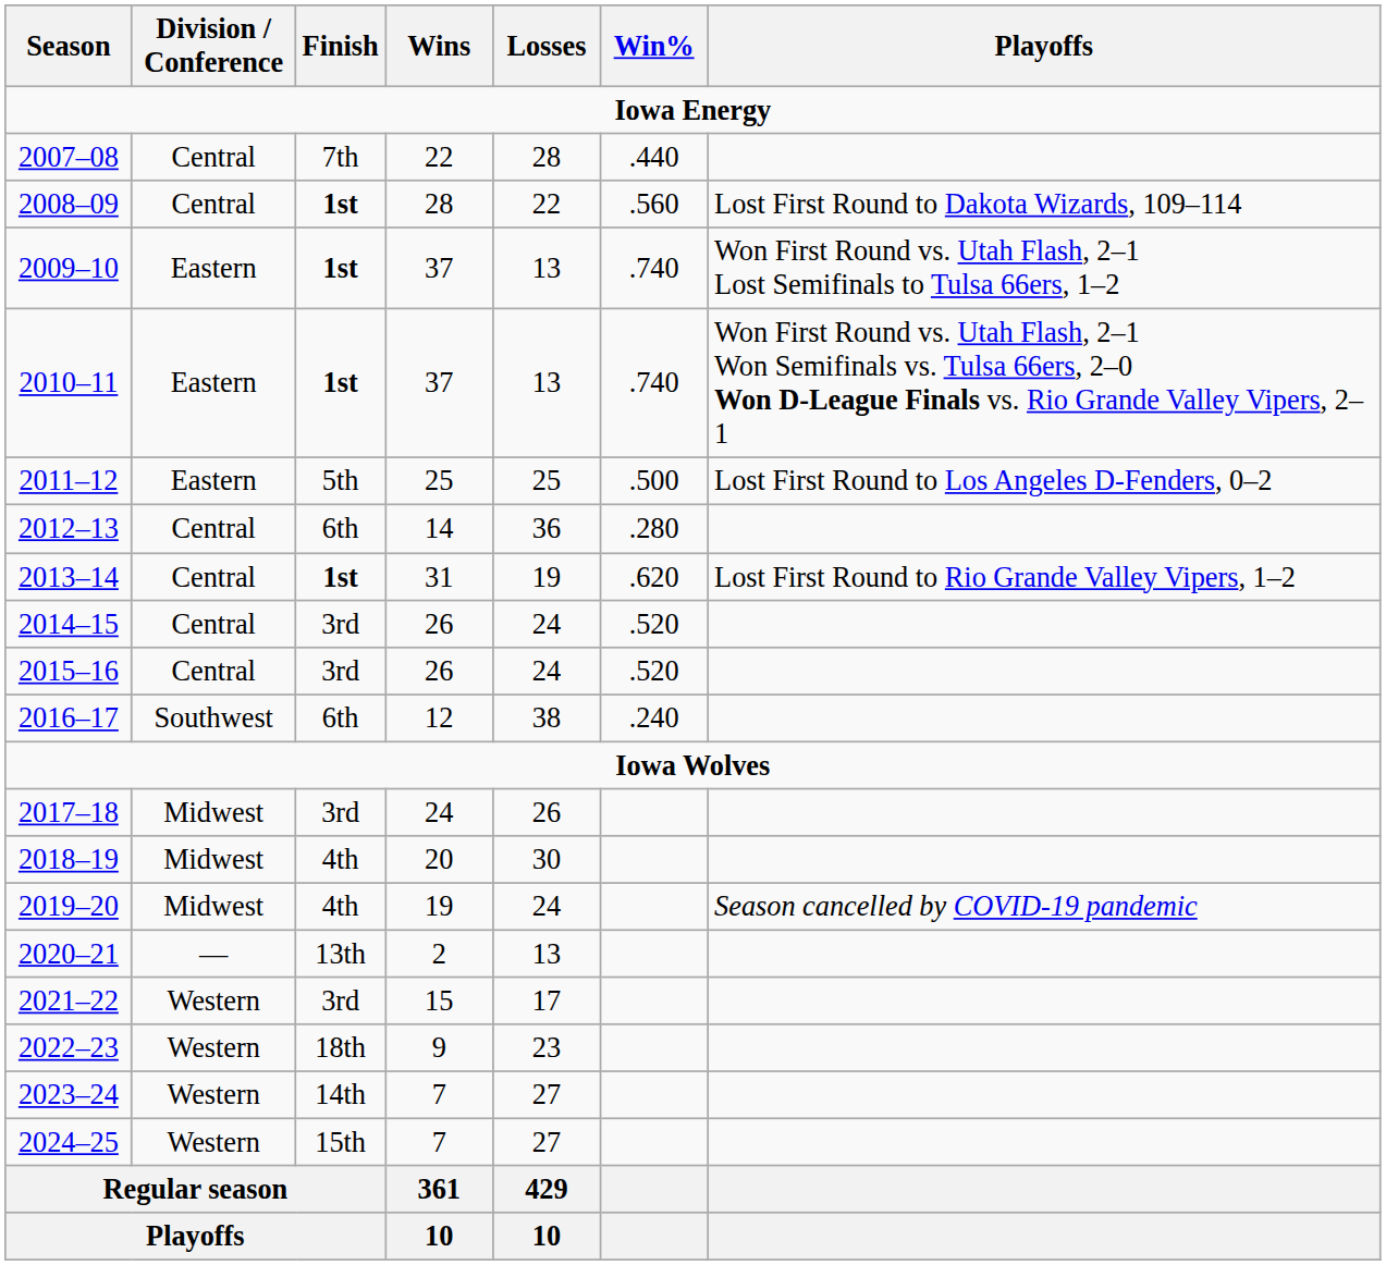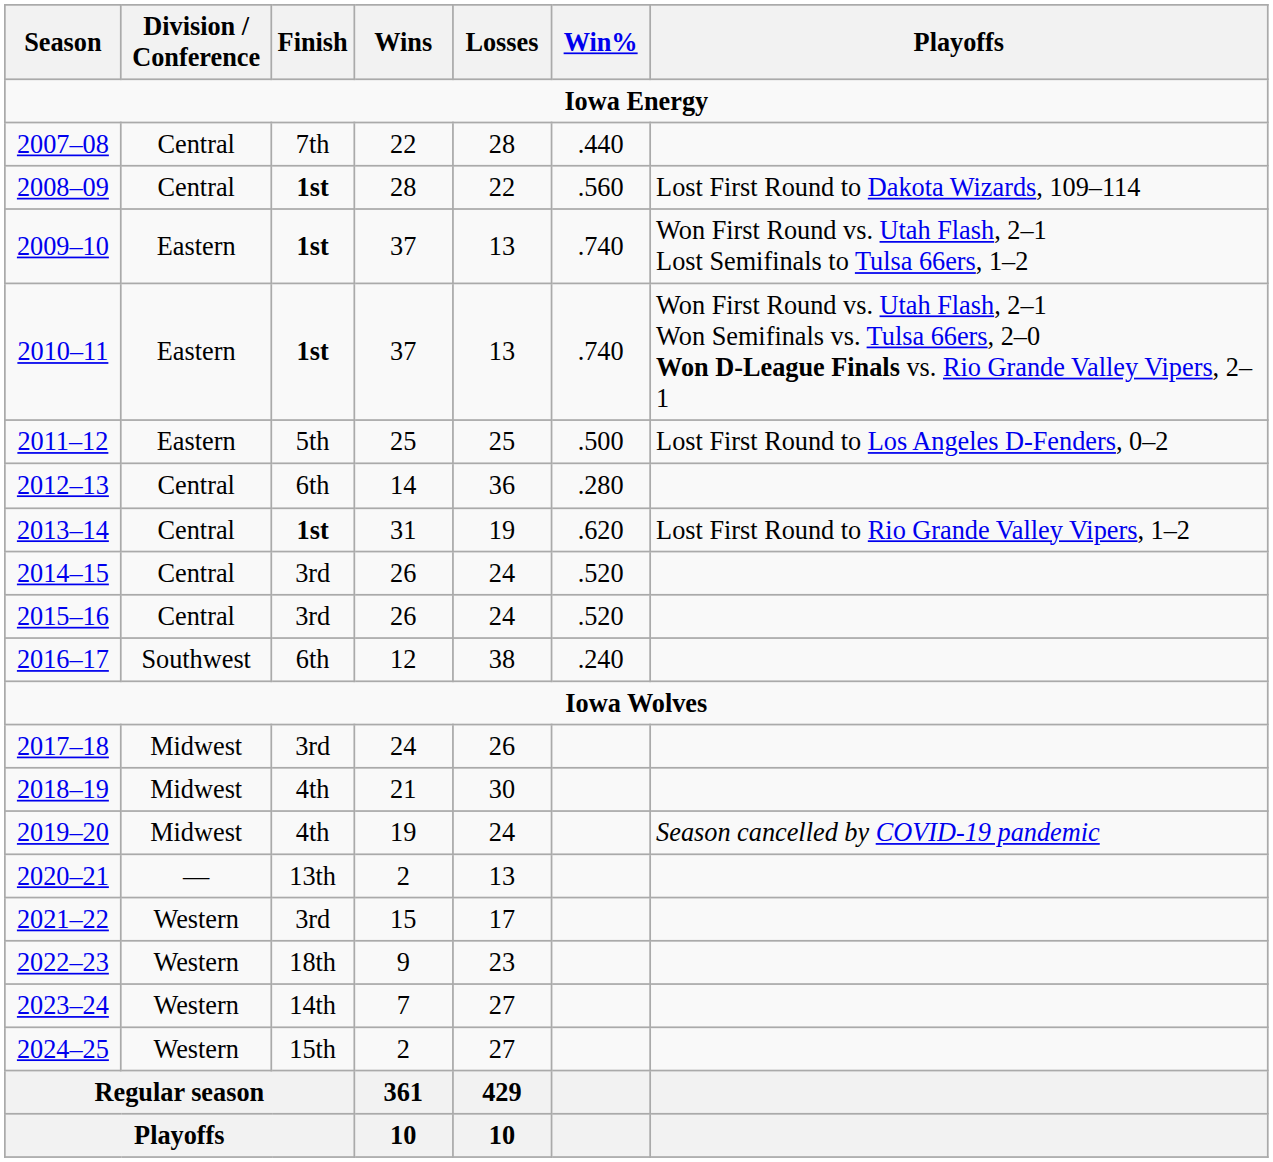 <table class="wikitable" style="font-size:95%; text-align:center">
 <tr>
 <th scope="col" style="width:60px">Season</th>
 <th scope="col" style="width:80px">Division / Conference</th>
 <th scope="col" style="width:40px">Finish</th>
 <th scope="col" style="width:50px">Wins</th>
 <th scope="col" style="width:50px">Losses</th>
 <th scope="col" style="width:50px"><a href='#'>Win%</a></th>
 <th scope="col" style="width:350px">Playoffs</th>
 </tr>
 <tr>
 <td colspan="10" align="center"><strong>Iowa Energy</strong></td>
 </tr>
 <tr>
 <td><a href='#'>2007–08</a></td>
 <td>Central</td>
 <td>7th</td>
 <td>22</td>
 <td>28</td>
 <td>.440</td>
 <td></td>
 </tr>
 <tr>
 <td><a href='#'>2008–09</a></td>
 <td>Central</td>
 <td><strong>1st</strong></td>
 <td>28</td>
 <td>22</td>
 <td>.560</td>
 <td align=left>Lost First Round to <a href='#'>Dakota Wizards</a>, 109–114</td>
 </tr>
 <tr>
 <td><a href='#'>2009–10</a></td>
 <td>Eastern</td>
 <td><strong>1st</strong></td>
 <td>37</td>
 <td>13</td>
 <td>.740</td>
 <td align=left>Won First Round vs. <a href='#'>Utah Flash</a>, 2–1<br>Lost Semifinals to <a href='#'>Tulsa 66ers</a>, 1–2</td>
 </tr>
 <tr>
 <td><a href='#'>2010–11</a></td>
 <td>Eastern</td>
 <td><strong>1st</strong></td>
 <td>37</td>
 <td>13</td>
 <td>.740</td>
 <td align=left>Won First Round vs. <a href='#'>Utah Flash</a>, 2–1<br>Won Semifinals vs. <a href='#'>Tulsa 66ers</a>, 2–0<br><strong>Won D-League Finals</strong> vs. <a href='#'>Rio Grande Valley Vipers</a>, 2–1</td>
 </tr>
 <tr>
 <td><a href='#'>2011–12</a></td>
 <td>Eastern</td>
 <td>5th</td>
 <td>25</td>
 <td>25</td>
 <td>.500</td>
 <td align=left>Lost First Round to <a href='#'>Los Angeles D-Fenders</a>, 0–2</td>
 </tr>
 <tr>
 <td><a href='#'>2012–13</a></td>
 <td>Central</td>
 <td>6th</td>
 <td>14</td>
 <td>36</td>
 <td>.280</td>
 <td></td>
 </tr>
 <tr>
 <td><a href='#'>2013–14</a></td>
 <td>Central</td>
 <td><strong>1st</strong></td>
 <td>31</td>
 <td>19</td>
 <td>.620</td>
 <td align=left>Lost First Round to <a href='#'>Rio Grande Valley Vipers</a>, 1–2</td>
 </tr>
 <tr>
 <td><a href='#'>2014–15</a></td>
 <td>Central</td>
 <td>3rd</td>
 <td>26</td>
 <td>24</td>
 <td>.520</td>
 <td></td>
 </tr>
 <tr>
 <td><a href='#'>2015–16</a></td>
 <td>Central</td>
 <td>3rd</td>
 <td>26</td>
 <td>24</td>
 <td>.520</td>
 <td></td>
 </tr>
 <tr>
 <td><a href='#'>2016–17</a></td>
 <td>Southwest</td>
 <td>6th</td>
 <td>12</td>
 <td>38</td>
 <td>.240</td>
 <td></td>
 </tr>
 <tr>
 <td colspan="10"><strong>Iowa Wolves</strong></td>
 </tr>
 <tr>
 <td><a href='#'>2017–18</a></td>
 <td>Midwest</td>
 <td>3rd</td>
 <td>24</td>
 <td>26</td>
 <td></td>
 <td align=left></td>
 </tr>
 <tr>
 <td><a href='#'>2018–19</a></td>
 <td>Midwest</td>
 <td>4th</td>
-<td>20</td>
+<td>21</td>
 <td>30</td>
 <td></td>
 <td align=left></td>
 </tr>
 <tr>
 <td><a href='#'>2019–20</a></td>
 <td>Midwest</td>
 <td>4th</td>
 <td>19</td>
 <td>24</td>
 <td></td>
 <td align=left><em>Season cancelled by <a href='#'>COVID-19 pandemic</a></em></td>
 </tr>
 <tr>
 <td><a href='#'>2020–21</a></td>
 <td>—</td>
 <td>13th</td>
 <td>2</td>
 <td>13</td>
 <td></td>
 <td align=left></td>
 </tr>
 <tr>
 <td><a href='#'>2021–22</a></td>
 <td>Western</td>
 <td>3rd</td>
 <td>15</td>
 <td>17</td>
 <td></td>
 <td align=left></td>
 </tr>
 <tr>
 <td><a href='#'>2022–23</a></td>
 <td>Western</td>
 <td>18th</td>
 <td>9</td>
 <td>23</td>
 <td></td>
 <td align=left></td>
 </tr>
 <tr>
 <td><a href='#'>2023–24</a></td>
 <td>Western</td>
 <td>14th</td>
 <td>7</td>
 <td>27</td>
 <td></td>
 <td align=left></td>
 </tr>
 <tr>
 <td><a href='#'>2024–25</a></td>
 <td>Western</td>
 <td>15th</td>
-<td>7</td>
+<td>2</td>
 <td>27</td>
 <td></td>
 <td align=left></td>
 </tr>
 <tr>
 <th colspan="3">Regular season</th>
 <th>361</th>
 <th>429</th>
 <th></th>
 <th></th>
 </tr>
 <tr>
 <th colspan="3">Playoffs</th>
 <th>10</th>
 <th>10</th>
 <th></th>
 <th></th>
 </tr>
 </table>
